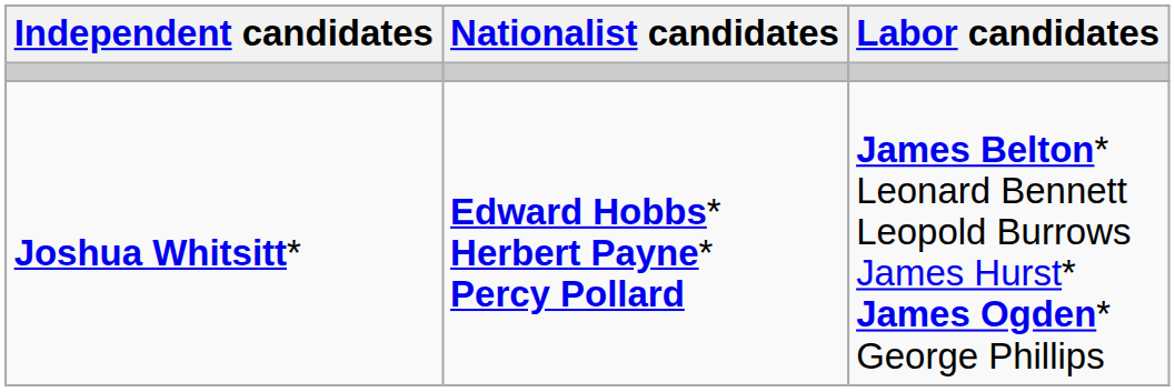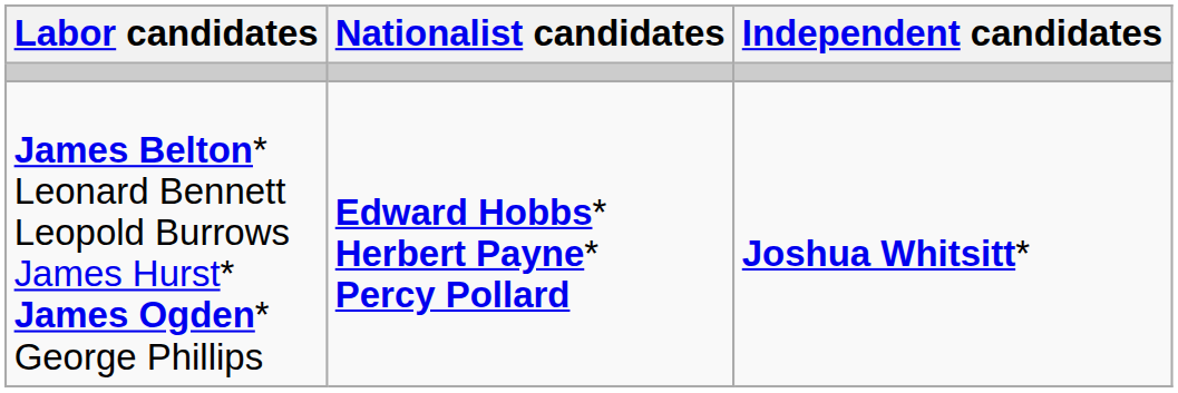 <table class="wikitable">
 <tr>
+<th><a href='#'>Labor</a> candidates</th>
+<th><a href='#'>Nationalist</a> candidates</th>
 <th><a href='#'>Independent</a> candidates</th>
-<th><a href='#'>Nationalist</a> candidates</th>
-<th><a href='#'>Labor</a> candidates</th>
 </tr>
 <tr bgcolor="#cccccc">
 <td></td>
 <td></td>
 <td></td>
 </tr>
 <tr>
+<td><br><strong><a href='#'>James Belton</a></strong>*<br> Leonard Bennett<br> Leopold Burrows<br> <a href='#'>James Hurst</a>*<br> <strong><a href='#'>James Ogden</a></strong>*<br> George Phillips</td>
+<td><br><strong><a href='#'>Edward Hobbs</a></strong>*<br> <strong><a href='#'>Herbert Payne</a></strong>*<br> <strong><a href='#'>Percy Pollard</a></strong></td>
 <td><br><strong><a href='#'>Joshua Whitsitt</a></strong>*</td>
-<td><br><strong><a href='#'>Edward Hobbs</a></strong>*<br> <strong><a href='#'>Herbert Payne</a></strong>*<br> <strong><a href='#'>Percy Pollard</a></strong></td>
-<td><br><strong><a href='#'>James Belton</a></strong>*<br> Leonard Bennett<br> Leopold Burrows<br> <a href='#'>James Hurst</a>*<br> <strong><a href='#'>James Ogden</a></strong>*<br> George Phillips</td>
 </tr>
 </table>
